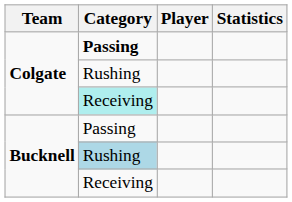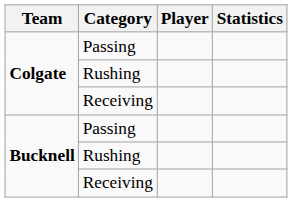 <table class="wikitable" style="float: right;">
 <tr>
 <th>Team</th>
 <th>Category</th>
 <th>Player</th>
 <th>Statistics</th>
 </tr>
 <tr>
 <td rowspan=3><strong>Colgate</strong></td>
-<td><strong>Passing</strong></td>
+<td>Passing</td>
 <td></td>
 <td></td>
 </tr>
 <tr>
 <td>Rushing</td>
 <td></td>
 <td></td>
 </tr>
 <tr>
-<td style="background: paleturquoise;">Receiving</td>
+<td>Receiving</td>
 <td></td>
 <td></td>
 </tr>
 <tr>
 <td rowspan=3><strong>Bucknell</strong></td>
 <td>Passing</td>
 <td></td>
 <td></td>
 </tr>
 <tr>
-<td style="background: lightblue;">Rushing</td>
+<td>Rushing</td>
 <td></td>
 <td></td>
 </tr>
 <tr>
 <td>Receiving</td>
 <td></td>
 <td></td>
 </tr>
 </table>
